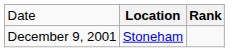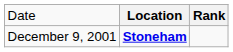 <table class="wikitable sortable" style="font-size:90%" style="text-align:center">
 <tr>
 <td>Date</td>
 <th>Location</th>
 <th>Rank</th>
 </tr>
 <tr>
 <td>December 9, 2001</td>
-<td><a href='#'>Stoneham</a></td>
+<td><strong><a href='#'>Stoneham</a></strong></td>
 <td></td>
 </tr>
 </table>
